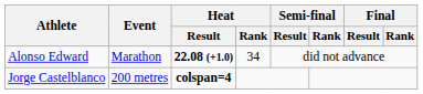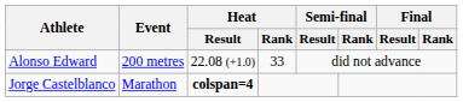 <table class=wikitable style=font-size:90%>
 <tr>
 <th rowspan=2>Athlete</th>
 <th rowspan=2>Event</th>
 <th colspan=2>Heat</th>
 <th colspan=2>Semi-final</th>
 <th colspan=2>Final</th>
 </tr>
 <tr style=font-size:95%>
 <th>Result</th>
 <th>Rank</th>
 <th>Result</th>
 <th>Rank</th>
 <th>Result</th>
 <th>Rank</th>
 </tr>
 <tr align=center>
 <td align=left><a href='#'>Alonso Edward</a></td>
-<td align=left><a href='#'>Marathon</a></td>
-<td><strong>22.08 <small>(+1.0)</small></strong></td>
-<td>34</td>
+<td align=left><a href='#'>200 metres</a></td>
+<td>22.08 <small>(+1.0)</small></td>
+<td>33</td>
 <td colspan=4>did not advance</td>
 </tr>
 <tr align=center>
 <td align=left><a href='#'>Jorge Castelblanco</a></td>
-<td align=left><a href='#'>200 metres</a></td>
+<td align=left><a href='#'>Marathon</a></td>
 <td><strong>colspan=4</strong></td>
 <td colspan=2></td>
 </tr>
 </table>
